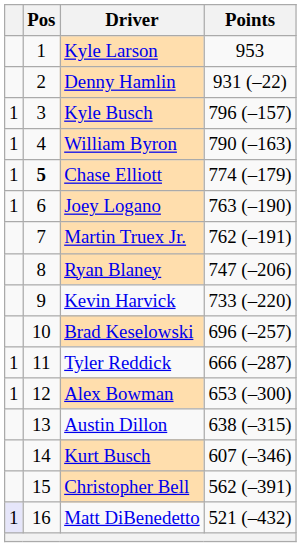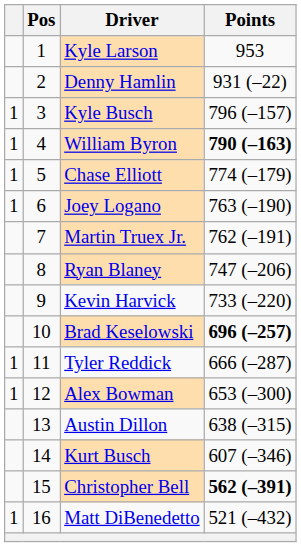 <table class="wikitable" style="font-size: 95%">
 <tr>
 <th></th>
 <th>Pos</th>
 <th>Driver</th>
 <th>Points</th>
 </tr>
 <tr>
 <td align="left"></td>
 <td style="text-align:center;">1</td>
 <td style="background:#FFDEAD;"><a href='#'>Kyle Larson</a></td>
 <td style="text-align:center;">953</td>
 </tr>
 <tr>
 <td align="left"></td>
 <td style="text-align:center;">2</td>
 <td style="background:#FFDEAD;"><a href='#'>Denny Hamlin</a></td>
 <td style="text-align:center;">931 (–22)</td>
 </tr>
 <tr>
 <td align="left"> 1</td>
 <td style="text-align:center;">3</td>
 <td style="background:#FFDEAD;"><a href='#'>Kyle Busch</a></td>
 <td style="text-align:center;">796 (–157)</td>
 </tr>
 <tr>
 <td align="left"> 1</td>
 <td style="text-align:center;">4</td>
 <td style="background:#FFDEAD;"><a href='#'>William Byron</a></td>
-<td style="text-align:center;">790 (–163)</td>
+<td style="text-align:center;"><strong>790 (–163)</strong></td>
 </tr>
 <tr>
 <td align="left"> 1</td>
-<td style="text-align:center;"><strong>5</strong></td>
+<td style="text-align:center;">5</td>
 <td style="background:#FFDEAD;"><a href='#'>Chase Elliott</a></td>
 <td style="text-align:center;">774 (–179)</td>
 </tr>
 <tr>
 <td align="left"> 1</td>
 <td style="text-align:center;">6</td>
 <td style="background:#FFDEAD;"><a href='#'>Joey Logano</a></td>
 <td style="text-align:center;">763 (–190)</td>
 </tr>
 <tr>
 <td align="left"></td>
 <td style="text-align:center;">7</td>
 <td style="background:#FFDEAD;"><a href='#'>Martin Truex Jr.</a></td>
 <td style="text-align:center;">762 (–191)</td>
 </tr>
 <tr>
 <td align="left"></td>
 <td style="text-align:center;">8</td>
 <td style="background:#FFDEAD;"><a href='#'>Ryan Blaney</a></td>
 <td style="text-align:center;">747 (–206)</td>
 </tr>
 <tr>
 <td align="left"></td>
 <td style="text-align:center;">9</td>
 <td><a href='#'>Kevin Harvick</a></td>
 <td style="text-align:center;">733 (–220)</td>
 </tr>
 <tr>
 <td align="left"></td>
 <td style="text-align:center;">10</td>
 <td style="background:#FFDEAD;"><a href='#'>Brad Keselowski</a></td>
-<td style="text-align:center;">696 (–257)</td>
+<td style="text-align:center;"><strong>696 (–257)</strong></td>
 </tr>
 <tr>
 <td align="left"> 1</td>
 <td style="text-align:center;">11</td>
 <td><a href='#'>Tyler Reddick</a></td>
 <td style="text-align:center;">666 (–287)</td>
 </tr>
 <tr>
 <td align="left"> 1</td>
 <td style="text-align:center;">12</td>
 <td style="background:#FFDEAD;"><a href='#'>Alex Bowman</a></td>
 <td style="text-align:center;">653 (–300)</td>
 </tr>
 <tr>
 <td align="left"></td>
 <td style="text-align:center;">13</td>
 <td><a href='#'>Austin Dillon</a></td>
 <td style="text-align:center;">638 (–315)</td>
 </tr>
 <tr>
 <td align="left"></td>
 <td style="text-align:center;">14</td>
 <td style="background:#FFDEAD;"><a href='#'>Kurt Busch</a></td>
 <td style="text-align:center;">607 (–346)</td>
 </tr>
 <tr>
 <td align="left"></td>
 <td style="text-align:center;">15</td>
 <td style="background:#FFDEAD;"><a href='#'>Christopher Bell</a></td>
-<td style="text-align:center;">562 (–391)</td>
+<td style="text-align:center;"><strong>562 (–391)</strong></td>
 </tr>
 <tr>
-<td align="left" style="background: lavender;"> 1</td>
+<td align="left"> 1</td>
 <td style="text-align:center;">16</td>
 <td><a href='#'>Matt DiBenedetto</a></td>
 <td style="text-align:center;">521 (–432)</td>
 </tr>
 <tr class="sortbottom">
 <th colspan="9"></th>
 </tr>
 </table>
